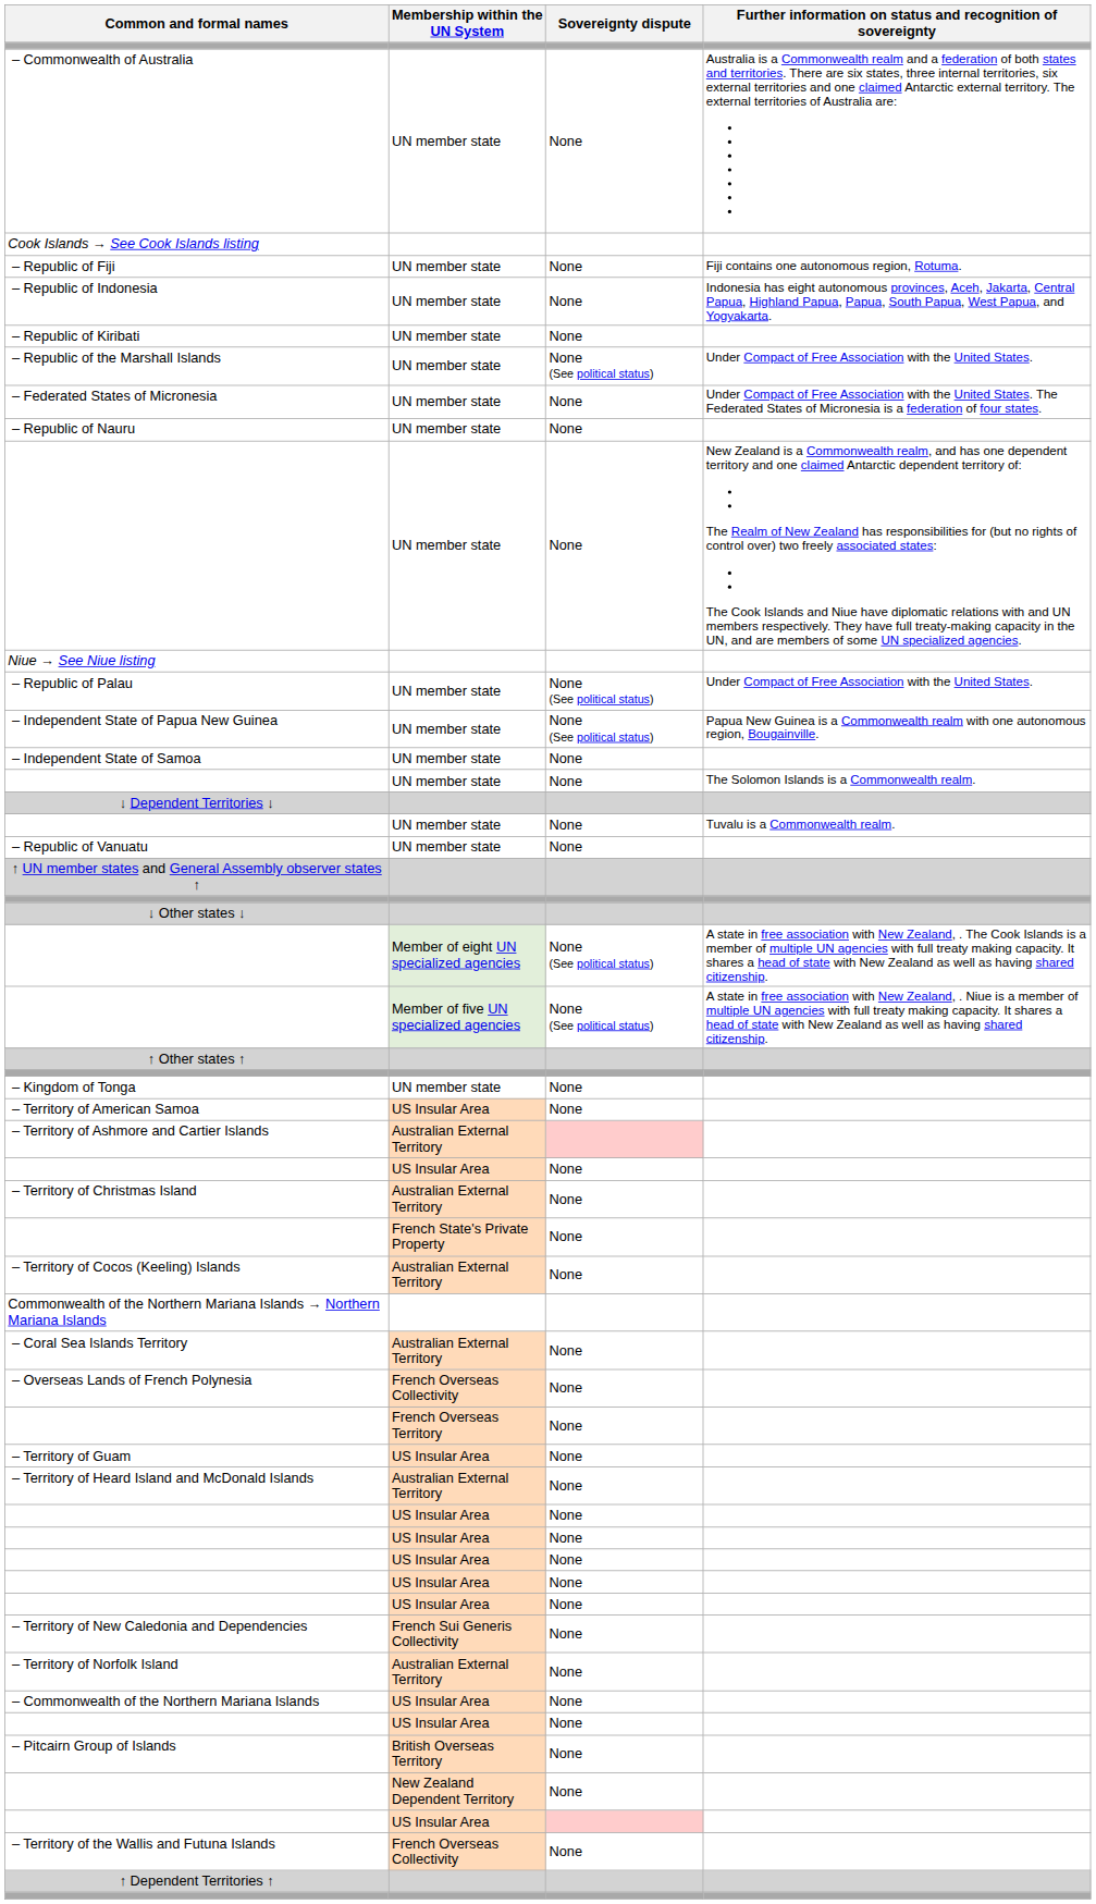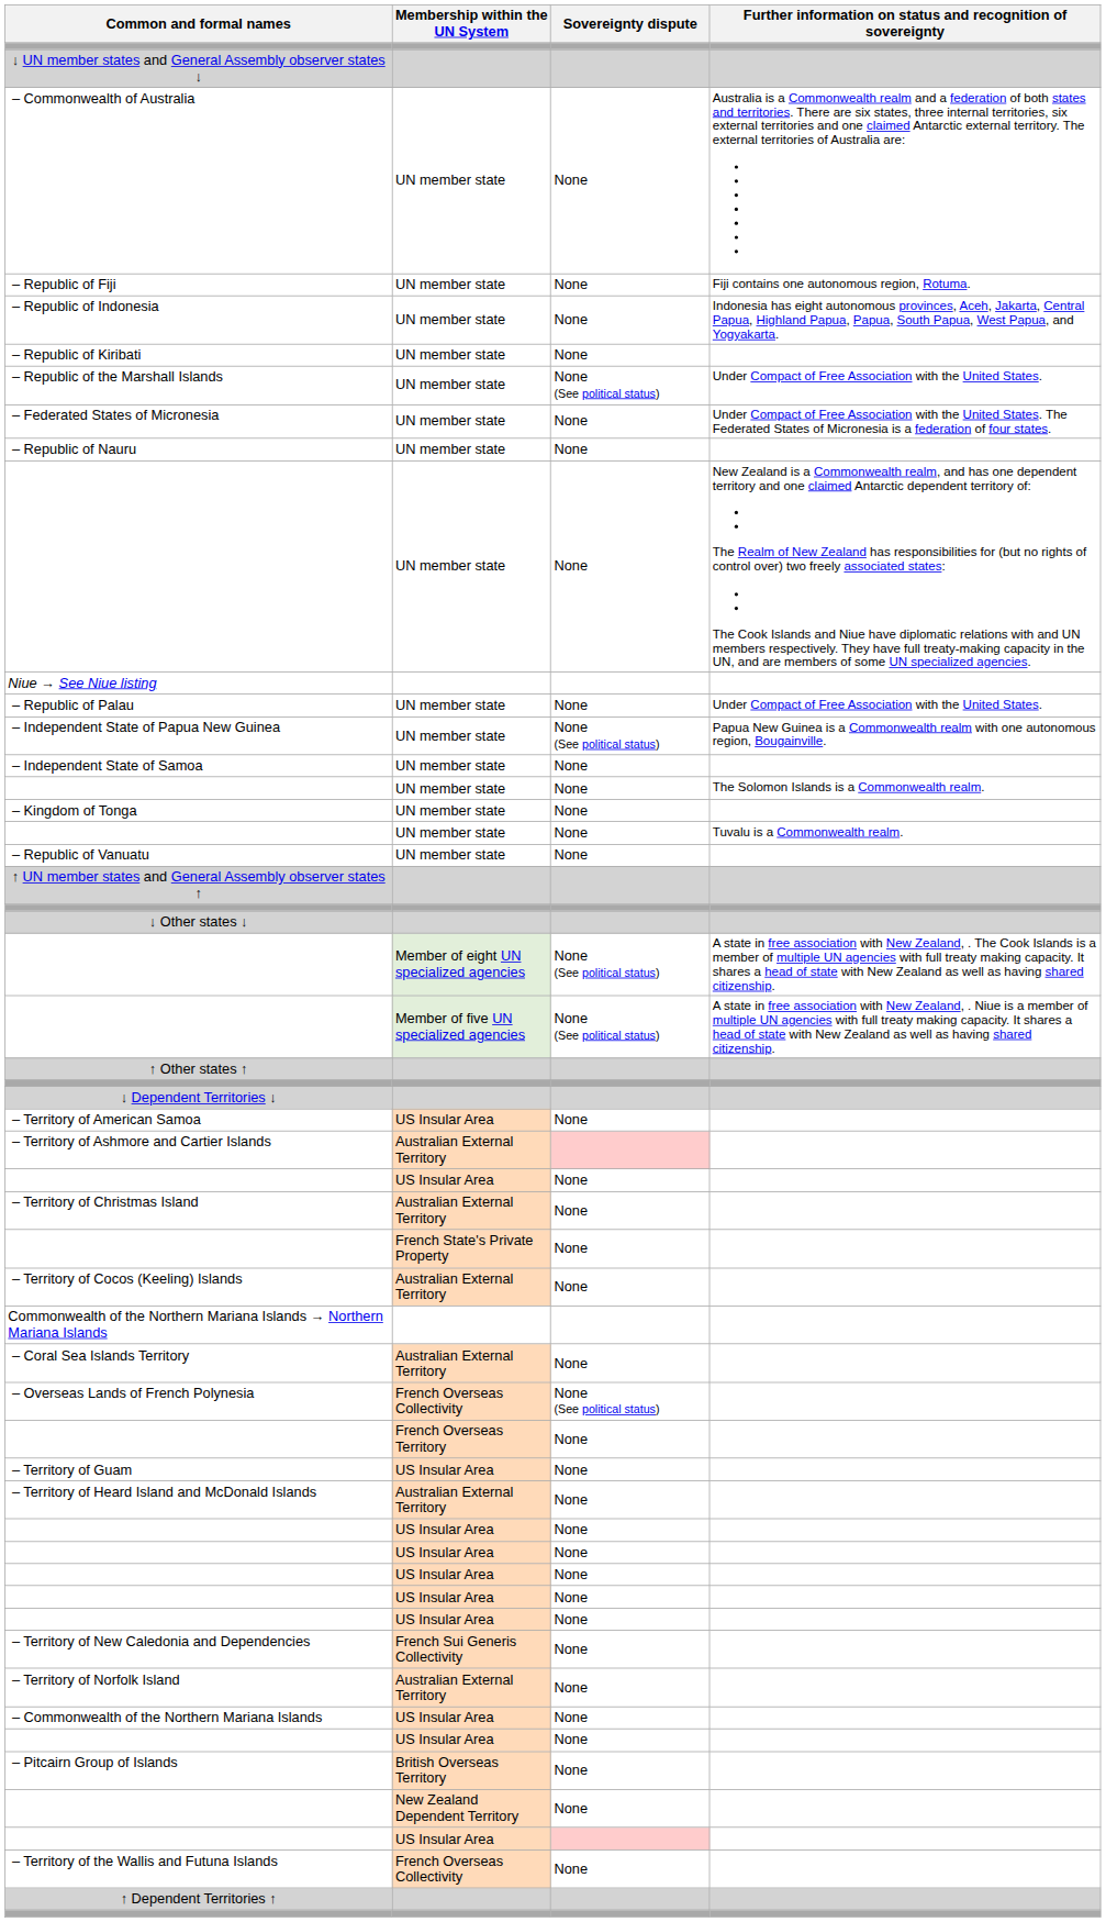 <table class="sortable wikitable" style="background:white;text-align:left;">
 <tr>
 <th style="width:325pt">Common and formal names</th>
 <th style="width:130pt;">Membership within the <a href='#'>UN System</a></th>
 <th style="width:130pt;">Sovereignty dispute</th>
 <th class="unsortable">Further information on status and recognition of sovereignty</th>
 </tr>
 <tr style="background:Darkgrey;">
 <td style="text-align:center;"></td>
 <td></td>
 <td></td>
 <td></td>
 </tr>
+<tr style="background:Lightgrey;">
+<td style="text-align:center;">↓ <a href='#'>UN member states</a> and <a href='#'>General Assembly observer states</a> ↓</td>
+<td></td>
+<td></td>
+<td><br></td>
+</tr>
 <tr>
 <td style="vertical-align:top;"><strong></strong> – Commonwealth of Australia</td>
 <td>UN member state</td>
 <td>None</td>
 <td style="vertical-align:top;text-align:left;font-size:90%;">Australia is a <a href='#'>Commonwealth realm</a> and a <a href='#'>federation</a> of both <a href='#'>states and territories</a>. There are six states, three internal territories, six external territories and one <a href='#'>claimed</a> Antarctic external territory. The external territories of Australia are:<br><ul><li></li><li></li><li></li><li></li><li></li><li></li><li><em></em></li></ul></td>
-</tr>
-<tr>
-<td style="vertical-align:top;"><em>Cook Islands → <a href='#'>See Cook Islands listing</a></em></td>
-<td></td>
-<td></td>
-<td style="vertical-align:top;text-align:left;font-size:90%;"></td>
 </tr>
 <tr>
 <td style="vertical-align:top;"><strong></strong> – Republic of Fiji</td>
 <td>UN member state</td>
 <td>None</td>
 <td style="vertical-align:top;text-align:left;font-size:90%;">Fiji contains one autonomous region, <a href='#'>Rotuma</a>.</td>
 </tr>
 <tr>
 <td style="vertical-align:top;"><strong></strong> – Republic of Indonesia</td>
 <td>UN member state</td>
 <td>None</td>
 <td style="vertical-align:top;text-align:left;font-size:90%;">Indonesia has eight autonomous <a href='#'>provinces</a>, <a href='#'>Aceh</a>, <a href='#'>Jakarta</a>, <a href='#'>Central Papua</a>, <a href='#'>Highland Papua</a>, <a href='#'>Papua</a>, <a href='#'>South Papua</a>, <a href='#'>West Papua</a>, and <a href='#'>Yogyakarta</a>.</td>
 </tr>
 <tr>
 <td style="vertical-align:top;"><strong></strong> – Republic of Kiribati</td>
 <td>UN member state</td>
 <td>None</td>
 <td style="vertical-align:top;text-align:left;font-size:90%;"></td>
 </tr>
 <tr>
 <td style="vertical-align:top;"><strong></strong> – Republic of the Marshall Islands</td>
 <td>UN member state</td>
 <td>None<br><small>(See <a href='#'>political status</a>)</small></td>
 <td style="vertical-align:top;text-align:left;font-size:90%;">Under <a href='#'>Compact of Free Association</a> with the <a href='#'>United States</a>.</td>
 </tr>
 <tr>
 <td style="vertical-align:top;"><strong></strong> – Federated States of Micronesia</td>
 <td>UN member state</td>
 <td>None</td>
 <td style="vertical-align:top;text-align:left;font-size:90%;">Under <a href='#'>Compact of Free Association</a> with the <a href='#'>United States</a>. The Federated States of Micronesia is a <a href='#'>federation</a> of <a href='#'>four states</a>.</td>
 </tr>
 <tr>
 <td style="vertical-align:top;"><strong></strong> – Republic of Nauru</td>
 <td>UN member state</td>
 <td>None</td>
 <td style="vertical-align:top;text-align:left;font-size:90%;"></td>
 </tr>
 <tr>
 <td style="vertical-align:top;"><strong></strong></td>
 <td>UN member state</td>
 <td>None</td>
 <td style="vertical-align:top;text-align:left;font-size:90%;">New Zealand is a <a href='#'>Commonwealth realm</a>, and has one dependent territory and one <a href='#'>claimed</a> Antarctic dependent territory of:<br><ul><li></li><li><em></em></li></ul>The <a href='#'>Realm of New Zealand</a> has responsibilities for (but no rights of control over) two freely <a href='#'>associated states</a>:<ul><li></li><li></li></ul>The Cook Islands and Niue have diplomatic relations with  and  UN members respectively. They have full treaty-making capacity in the UN, and are members of some <a href='#'>UN specialized agencies</a>.</td>
 </tr>
 <tr>
 <td style="vertical-align:top;"><em>Niue → <a href='#'>See Niue listing</a></em></td>
 <td></td>
 <td></td>
 <td style="vertical-align:top;text-align:left;font-size:90%;"></td>
 </tr>
 <tr>
 <td style="vertical-align:top;"><strong></strong> – Republic of Palau</td>
 <td>UN member state</td>
-<td>None<br><small>(See <a href='#'>political status</a>)</small></td>
+<td>None</td>
 <td style="vertical-align:top;text-align:left;font-size:90%;">Under <a href='#'>Compact of Free Association</a> with the <a href='#'>United States</a>.</td>
 </tr>
 <tr>
 <td style="vertical-align:top;"><strong></strong> – Independent State of Papua New Guinea</td>
 <td>UN member state</td>
 <td>None<br><small>(See <a href='#'>political status</a>)</small></td>
 <td style="vertical-align:top;text-align:left;font-size:90%;">Papua New Guinea is a <a href='#'>Commonwealth realm</a> with one autonomous region, <a href='#'>Bougainville</a>.</td>
 </tr>
 <tr>
 <td style="vertical-align:top;"><strong></strong> – Independent State of Samoa</td>
 <td>UN member state</td>
 <td>None</td>
 <td style="vertical-align:top;text-align:left;font-size:90%;"><br> </td>
 </tr>
 <tr>
 <td style="vertical-align:top;"><strong></strong></td>
 <td>UN member state</td>
 <td>None</td>
 <td style="vertical-align:top;text-align:left;font-size:90%;">The Solomon Islands is a <a href='#'>Commonwealth realm</a>.</td>
 </tr>
-<tr style="background:Lightgrey;">
-<td style="text-align:center;">↓ <a href='#'>Dependent Territories</a> ↓</td>
-<td></td>
-<td></td>
-<td></td>
+<tr>
+<td style="vertical-align:top;"><strong></strong> – Kingdom of Tonga</td>
+<td>UN member state</td>
+<td>None</td>
+<td style="vertical-align:top;text-align:left;font-size:90%;"></td>
 </tr>
 <tr>
 <td style="vertical-align:top;"><strong></strong></td>
 <td>UN member state</td>
 <td>None</td>
 <td style="vertical-align:top;text-align:left;font-size:90%;">Tuvalu is a <a href='#'>Commonwealth realm</a>.</td>
 </tr>
 <tr>
 <td style="vertical-align:top;"><strong></strong> – Republic of Vanuatu</td>
 <td>UN member state</td>
 <td>None</td>
 <td style="vertical-align:top;text-align:left;font-size:90%;"></td>
 </tr>
 <tr style="background:Lightgrey;">
 <td style="text-align:center;">↑ <a href='#'>UN member states</a> and <a href='#'>General Assembly observer states</a> ↑</td>
 <td></td>
 <td></td>
 <td></td>
 </tr>
 <tr style="background:Darkgrey;">
 <td style="text-align:center;"></td>
 <td></td>
 <td></td>
 <td></td>
 </tr>
 <tr style="background:Lightgrey;">
 <td style="text-align:center;">↓ Other states ↓</td>
 <td></td>
 <td></td>
 <td></td>
 </tr>
 <tr>
 <td style="vertical-align:top;"><strong></strong></td>
 <td style="background:#e2efda;">Member of eight <a href='#'>UN specialized agencies</a></td>
 <td>None<br><small>(See <a href='#'>political status</a>)</small></td>
 <td style="vertical-align:top;text-align:left;font-size:90%;">A state in <a href='#'>free association</a> with <a href='#'>New Zealand</a>, . The Cook Islands is a member of <a href='#'>multiple UN agencies</a> with full treaty making capacity. It shares a <a href='#'>head of state</a> with New Zealand as well as having <a href='#'>shared citizenship</a>.</td>
 </tr>
 <tr>
 <td style="vertical-align:top;"><strong></strong></td>
 <td style="background:#e2efda;">Member of five <a href='#'>UN specialized agencies</a></td>
 <td>None<br><small>(See <a href='#'>political status</a>)</small></td>
 <td style="vertical-align:top;text-align:left;font-size:90%;">A state in <a href='#'>free association</a> with <a href='#'>New Zealand</a>, . Niue is a member of <a href='#'>multiple UN agencies</a> with full treaty making capacity. It shares a <a href='#'>head of state</a> with New Zealand as well as having <a href='#'>shared citizenship</a>.</td>
 </tr>
 <tr style="background:Lightgrey;">
 <td style="text-align:center;">↑ Other states ↑</td>
 <td></td>
 <td></td>
 <td></td>
 </tr>
 <tr style="background:Darkgrey;">
 <td style="text-align:center;"></td>
 <td></td>
 <td></td>
 <td></td>
 </tr>
-<tr>
-<td style="vertical-align:top;"><strong></strong> – Kingdom of Tonga</td>
-<td>UN member state</td>
-<td>None</td>
-<td style="vertical-align:top;text-align:left;font-size:90%;"></td>
+<tr style="background:Lightgrey;">
+<td style="text-align:center;">↓ <a href='#'>Dependent Territories</a> ↓</td>
+<td></td>
+<td></td>
+<td></td>
 </tr>
 <tr>
 <td style="vertical-align:top;"><strong></strong> – Territory of American Samoa</td>
 <td style="background:PeachPuff;">US Insular Area</td>
 <td>None</td>
 <td style="vertical-align:top;text-align:left;font-size:90%;"></td>
 </tr>
 <tr>
 <td style="vertical-align:top;"><strong></strong> – Territory of Ashmore and Cartier Islands</td>
 <td style="background:PeachPuff;">Australian External Territory</td>
 <td style="background:#fcc;"></td>
 <td style="vertical-align:top;text-align:left;font-size:90%;"></td>
 </tr>
 <tr>
 <td style="vertical-align:top;"><strong></strong></td>
 <td style="background:PeachPuff;">US Insular Area</td>
 <td>None</td>
 <td style="vertical-align:top;text-align:left;font-size:90%;"></td>
 </tr>
 <tr>
 <td style="vertical-align:top;"><strong></strong> – Territory of Christmas Island</td>
 <td style="background:PeachPuff;">Australian External Territory</td>
 <td>None</td>
 <td style="vertical-align:top;text-align:left;font-size:90%;"></td>
 </tr>
 <tr>
 <td style="vertical-align:top;"><strong></strong></td>
 <td style="background:PeachPuff;">French State's Private Property</td>
 <td>None</td>
 <td style="vertical-align:top;text-align:left;font-size:90%;"></td>
 </tr>
 <tr>
 <td style="vertical-align:top;"><strong></strong> – Territory of Cocos (Keeling) Islands</td>
 <td style="background:PeachPuff;">Australian External Territory</td>
 <td>None</td>
 <td style="vertical-align:top;text-align:left;font-size:90%;"></td>
 </tr>
 <tr>
 <td style="vertical-align:top;">Commonwealth of the Northern Mariana Islands → <a href='#'>Northern Mariana Islands</a></td>
 <td></td>
 <td></td>
 <td style="vertical-align:top;text-align:left;font-size:90%;"></td>
 </tr>
 <tr>
 <td style="vertical-align:top;"><strong></strong> – Coral Sea Islands Territory</td>
 <td style="background:PeachPuff;">Australian External Territory</td>
 <td>None</td>
 <td style="vertical-align:top;text-align:left;font-size:90%;"></td>
 </tr>
 <tr>
 <td style="vertical-align:top;"><strong></strong> – Overseas Lands of French Polynesia</td>
 <td style="background:PeachPuff;">French Overseas Collectivity</td>
-<td>None</td>
+<td>None<br><small>(See <a href='#'>political status</a>)</small></td>
 <td style="vertical-align:top;text-align:left;font-size:90%;"></td>
 </tr>
 <tr>
 <td style="vertical-align:top;"><strong></strong></td>
 <td style="background:PeachPuff;">French Overseas Territory</td>
 <td>None</td>
 <td style="vertical-align:top;text-align:left;font-size:90%;"></td>
 </tr>
 <tr>
 <td style="vertical-align:top;"><strong></strong> – Territory of Guam</td>
 <td style="background:PeachPuff;">US Insular Area</td>
 <td>None</td>
 <td style="vertical-align:top;text-align:left;font-size:90%;"></td>
 </tr>
 <tr>
 <td style="vertical-align:top;"><strong></strong> – Territory of Heard Island and McDonald Islands</td>
 <td style="background:PeachPuff;">Australian External Territory</td>
 <td>None</td>
 <td style="vertical-align:top;text-align:left;font-size:90%;"></td>
 </tr>
 <tr>
 <td style="vertical-align:top;"><strong></strong></td>
 <td style="background:PeachPuff;">US Insular Area</td>
 <td>None</td>
 <td style="vertical-align:top;text-align:left;font-size:90%;"></td>
 </tr>
 <tr>
 <td style="vertical-align:top;"><strong></strong></td>
 <td style="background:PeachPuff;">US Insular Area</td>
 <td>None</td>
 <td style="vertical-align:top;text-align:left;font-size:90%;"></td>
 </tr>
 <tr>
 <td style="vertical-align:top;"><strong></strong></td>
 <td style="background:PeachPuff;">US Insular Area</td>
 <td>None</td>
 <td style="vertical-align:top;text-align:left;font-size:90%;"></td>
 </tr>
 <tr>
 <td style="vertical-align:top;"><strong></strong></td>
 <td style="background:PeachPuff;">US Insular Area</td>
 <td>None</td>
 <td style="vertical-align:top;text-align:left;font-size:90%;"></td>
 </tr>
 <tr>
 <td style="vertical-align:top;"><strong></strong></td>
 <td style="background:PeachPuff;">US Insular Area</td>
 <td>None</td>
 <td style="vertical-align:top;text-align:left;font-size:90%;"></td>
 </tr>
 <tr>
 <td style="vertical-align:top;"><strong></strong> – Territory of New Caledonia and Dependencies</td>
 <td style="background:PeachPuff;">French Sui Generis Collectivity</td>
 <td>None</td>
 <td style="vertical-align:top;text-align:left;font-size:90%;"></td>
 </tr>
 <tr>
 <td style="vertical-align:top;"><strong></strong> – Territory of Norfolk Island</td>
 <td style="background:PeachPuff;">Australian External Territory</td>
 <td>None</td>
 <td style="vertical-align:top;text-align:left;font-size:90%;"></td>
 </tr>
 <tr>
 <td style="vertical-align:top;"><strong></strong> – Commonwealth of the Northern Mariana Islands</td>
 <td style="background:PeachPuff;">US Insular Area</td>
 <td>None</td>
 <td style="vertical-align:top;text-align:left;font-size:90%;"></td>
 </tr>
 <tr>
 <td style="vertical-align:top;"><strong></strong></td>
 <td style="background:PeachPuff;">US Insular Area</td>
 <td>None</td>
 <td style="vertical-align:top;text-align:left;font-size:90%;"></td>
 </tr>
 <tr>
 <td style="vertical-align:top;"><strong></strong> – Pitcairn Group of Islands</td>
 <td style="background:PeachPuff;">British Overseas Territory</td>
 <td>None</td>
 <td style="vertical-align:top;text-align:left;font-size:90%;"></td>
 </tr>
 <tr>
 <td style="vertical-align:top;"><strong></strong></td>
 <td style="background:PeachPuff;">New Zealand Dependent Territory</td>
 <td>None</td>
 <td style="vertical-align:top;text-align:left;font-size:90%;"></td>
 </tr>
 <tr>
 <td style="vertical-align:top;"><strong></strong></td>
 <td style="background:PeachPuff;">US Insular Area</td>
 <td style="background:#fcc;"></td>
 <td style="vertical-align:top;text-align:left;font-size:90%;"></td>
 </tr>
 <tr>
 <td style="vertical-align:top;"><strong></strong> – Territory of the Wallis and Futuna Islands</td>
 <td style="background:PeachPuff;">French Overseas Collectivity</td>
 <td>None</td>
 <td style="vertical-align:top;text-align:left;font-size:90%;"></td>
 </tr>
 <tr style="background:Lightgrey;">
 <td style="text-align:center;">↑ Dependent Territories ↑</td>
 <td></td>
 <td></td>
 <td></td>
 </tr>
 <tr style="background:Darkgrey;">
 <td style="text-align:center;"></td>
 <td></td>
 <td></td>
 <td></td>
 </tr>
 </table>
